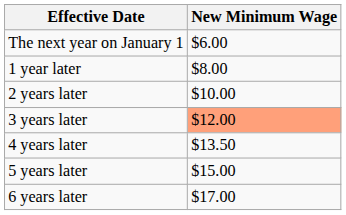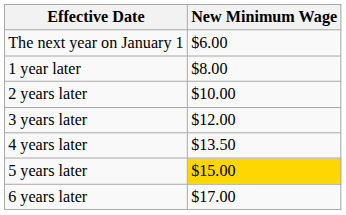 <table class="wikitable">
 <tr>
 <th>Effective Date</th>
 <th>New Minimum Wage</th>
 </tr>
 <tr>
 <td>The next year on January 1</td>
 <td>$6.00</td>
 </tr>
 <tr>
 <td>1 year later</td>
 <td>$8.00</td>
 </tr>
 <tr>
 <td>2 years later</td>
 <td>$10.00</td>
 </tr>
 <tr>
 <td>3 years later</td>
-<td style="background: lightsalmon;">$12.00</td>
+<td>$12.00</td>
 </tr>
 <tr>
 <td>4 years later</td>
 <td>$13.50</td>
 </tr>
 <tr>
 <td>5 years later</td>
-<td>$15.00</td>
+<td style="background: gold;">$15.00</td>
 </tr>
 <tr>
 <td>6 years later</td>
 <td>$17.00</td>
 </tr>
 </table>
